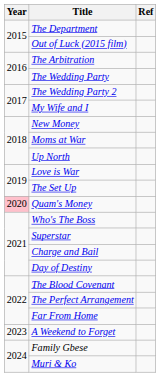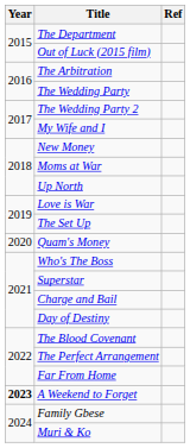 <table class="wikitable mw-collapsible">
 <tr>
 <th>Year</th>
 <th>Title</th>
 <th>Ref</th>
 </tr>
 <tr>
 <td rowspan=2>2015</td>
 <td><a href='#'><em>The Department</em></a></td>
 <td></td>
 </tr>
 <tr>
 <td><em><a href='#'>Out of Luck (2015 film)</a></em></td>
 <td></td>
 </tr>
 <tr>
 <td rowspan=2>2016</td>
 <td><em><a href='#'>The Arbitration</a></em></td>
 <td></td>
 </tr>
 <tr>
 <td><a href='#'><em>The Wedding Party</em></a></td>
 <td></td>
 </tr>
 <tr>
 <td rowspan=2>2017</td>
 <td><em><a href='#'>The Wedding Party 2</a></em></td>
 <td></td>
 </tr>
 <tr>
 <td><em><a href='#'>My Wife and I</a></em></td>
 <td></td>
 </tr>
 <tr>
 <td rowspan=3>2018</td>
 <td><em><a href='#'>New Money</a></em></td>
 <td></td>
 </tr>
 <tr>
 <td><em><a href='#'>Moms at War</a></em></td>
 <td></td>
 </tr>
 <tr>
 <td><em><a href='#'>Up North</a></em></td>
 <td></td>
 </tr>
 <tr>
 <td rowspan =2>2019</td>
 <td><em><a href='#'>Love is War</a></em></td>
 <td></td>
 </tr>
 <tr>
 <td><em><a href='#'>The Set Up</a></em></td>
 <td></td>
 </tr>
 <tr>
-<td style="background: pink;">2020</td>
+<td>2020</td>
 <td><em><a href='#'>Quam's Money</a></em></td>
 <td></td>
 </tr>
 <tr>
 <td rowspan="4">2021</td>
 <td><em><a href='#'>Who's The Boss</a></em></td>
 <td></td>
 </tr>
 <tr>
 <td><a href='#'><em>Superstar</em></a></td>
 <td></td>
 </tr>
 <tr>
 <td><em><a href='#'>Charge and Bail</a></em></td>
 <td></td>
 </tr>
 <tr>
 <td><a href='#'><em>Day of Destiny</em></a></td>
 <td></td>
 </tr>
 <tr>
 <td rowspan="3">2022</td>
 <td><em><a href='#'>The Blood Covenant</a></em></td>
 <td></td>
 </tr>
 <tr>
 <td><em><a href='#'>The Perfect Arrangement</a></em></td>
 <td></td>
 </tr>
 <tr>
 <td><a href='#'><em>Far From Home</em></a></td>
 <td></td>
 </tr>
 <tr>
-<td>2023</td>
+<td><strong>2023</strong></td>
 <td><a href='#'><em>A Weekend to Forget</em></a></td>
 <td></td>
 </tr>
 <tr>
 <td rowspan="2">2024</td>
 <td><em>Family Gbese</em></td>
 <td></td>
 </tr>
 <tr>
 <td><a href='#'><em>Muri & Ko</em></a></td>
 <td></td>
 </tr>
 </table>
